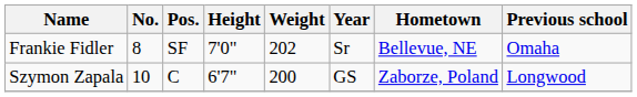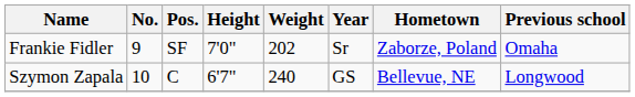 <table class="wikitable sortable" border="1">
 <tr align=center>
 <th>Name</th>
 <th>No.</th>
 <th>Pos.</th>
 <th>Height</th>
 <th>Weight</th>
 <th>Year</th>
 <th>Hometown</th>
 <th>Previous school</th>
 </tr>
 <tr>
 <td>Frankie Fidler</td>
-<td>8</td>
+<td>9</td>
 <td>SF</td>
 <td>7'0"</td>
 <td>202</td>
 <td>Sr</td>
-<td><a href='#'>Bellevue, NE</a></td>
+<td><a href='#'>Zaborze, Poland</a></td>
 <td><a href='#'>Omaha</a></td>
 </tr>
 <tr>
 <td>Szymon Zapala</td>
 <td>10</td>
 <td>C</td>
 <td>6'7"</td>
-<td>200</td>
+<td>240</td>
 <td>GS</td>
-<td><a href='#'>Zaborze, Poland</a></td>
+<td><a href='#'>Bellevue, NE</a></td>
 <td><a href='#'>Longwood</a></td>
 </tr>
 <tr>
 </tr>
 </table>
